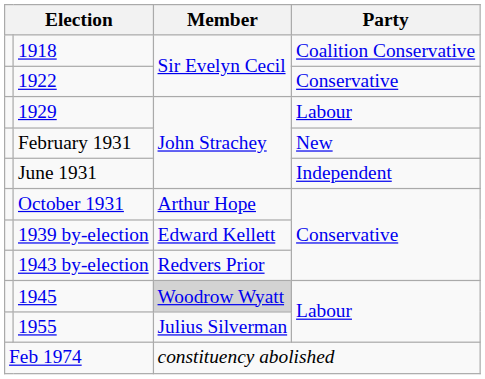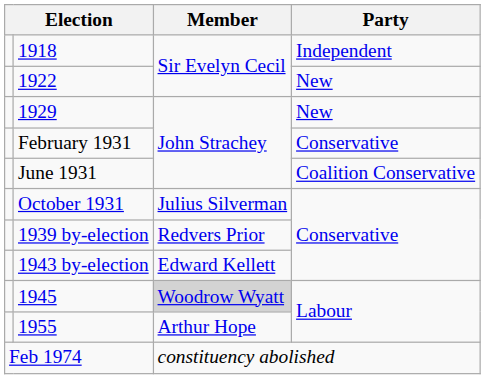 <table class="wikitable">
 <tr>
 <th colspan="2">Election</th>
 <th>Member</th>
 <th>Party</th>
 </tr>
 <tr>
 <td style="color:inherit;background-color: "></td>
 <td><a href='#'>1918</a></td>
 <td rowspan="2"><a href='#'>Sir Evelyn Cecil</a></td>
-<td><a href='#'>Coalition Conservative</a></td>
+<td><a href='#'>Independent</a></td>
 </tr>
 <tr>
 <td style="color:inherit;background-color: "></td>
 <td><a href='#'>1922</a></td>
-<td><a href='#'>Conservative</a></td>
+<td><a href='#'>New</a></td>
 </tr>
 <tr>
 <td style="color:inherit;background-color: "></td>
 <td><a href='#'>1929</a></td>
 <td rowspan="3"><a href='#'>John Strachey</a></td>
-<td><a href='#'>Labour</a></td>
+<td><a href='#'>New</a></td>
 </tr>
 <tr>
 <td style="color:inherit;background-color: "></td>
 <td>February 1931</td>
-<td><a href='#'>New</a></td>
+<td><a href='#'>Conservative</a></td>
 </tr>
 <tr>
 <td style="color:inherit;background-color: "></td>
 <td>June 1931</td>
-<td><a href='#'>Independent</a></td>
+<td><a href='#'>Coalition Conservative</a></td>
 </tr>
 <tr>
 <td style="color:inherit;background-color: "></td>
 <td><a href='#'>October 1931</a></td>
-<td><a href='#'>Arthur Hope</a></td>
+<td><a href='#'>Julius Silverman</a></td>
 <td rowspan="3"><a href='#'>Conservative</a></td>
 </tr>
 <tr>
 <td style="color:inherit;background-color: "></td>
 <td><a href='#'>1939 by-election</a></td>
-<td><a href='#'>Edward Kellett</a></td>
+<td><a href='#'>Redvers Prior</a></td>
 </tr>
 <tr>
 <td style="color:inherit;background-color: "></td>
 <td><a href='#'>1943 by-election</a></td>
-<td><a href='#'>Redvers Prior</a></td>
+<td><a href='#'>Edward Kellett</a></td>
 </tr>
 <tr>
 <td style="color:inherit;background-color: "></td>
 <td><a href='#'>1945</a></td>
 <td style="background: lightgrey;"><a href='#'>Woodrow Wyatt</a></td>
 <td rowspan="2"><a href='#'>Labour</a></td>
 </tr>
 <tr>
 <td style="color:inherit;background-color: "></td>
 <td><a href='#'>1955</a></td>
-<td><a href='#'>Julius Silverman</a></td>
+<td><a href='#'>Arthur Hope</a></td>
 </tr>
 <tr>
 <td colspan="2" align="left"><a href='#'>Feb 1974</a></td>
 <td colspan="2"><em>constituency abolished</em></td>
 </tr>
 </table>
